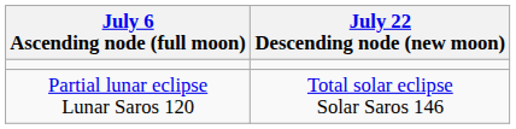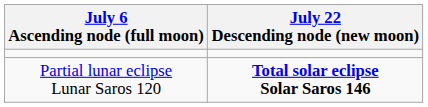 <table class="wikitable">
 <tr>
 <th><a href='#'>July 6</a><br>Ascending node (full moon)<br></th>
 <th><a href='#'>July 22</a><br>Descending node (new moon)<br></th>
 </tr>
 <tr>
 <td></td>
 <td></td>
 </tr>
 <tr align=center>
 <td><a href='#'>Partial lunar eclipse</a><br>Lunar Saros 120</td>
-<td><a href='#'>Total solar eclipse</a><br>Solar Saros 146</td>
+<td><strong><a href='#'>Total solar eclipse</a><br>Solar Saros 146</strong></td>
 </tr>
 </table>
